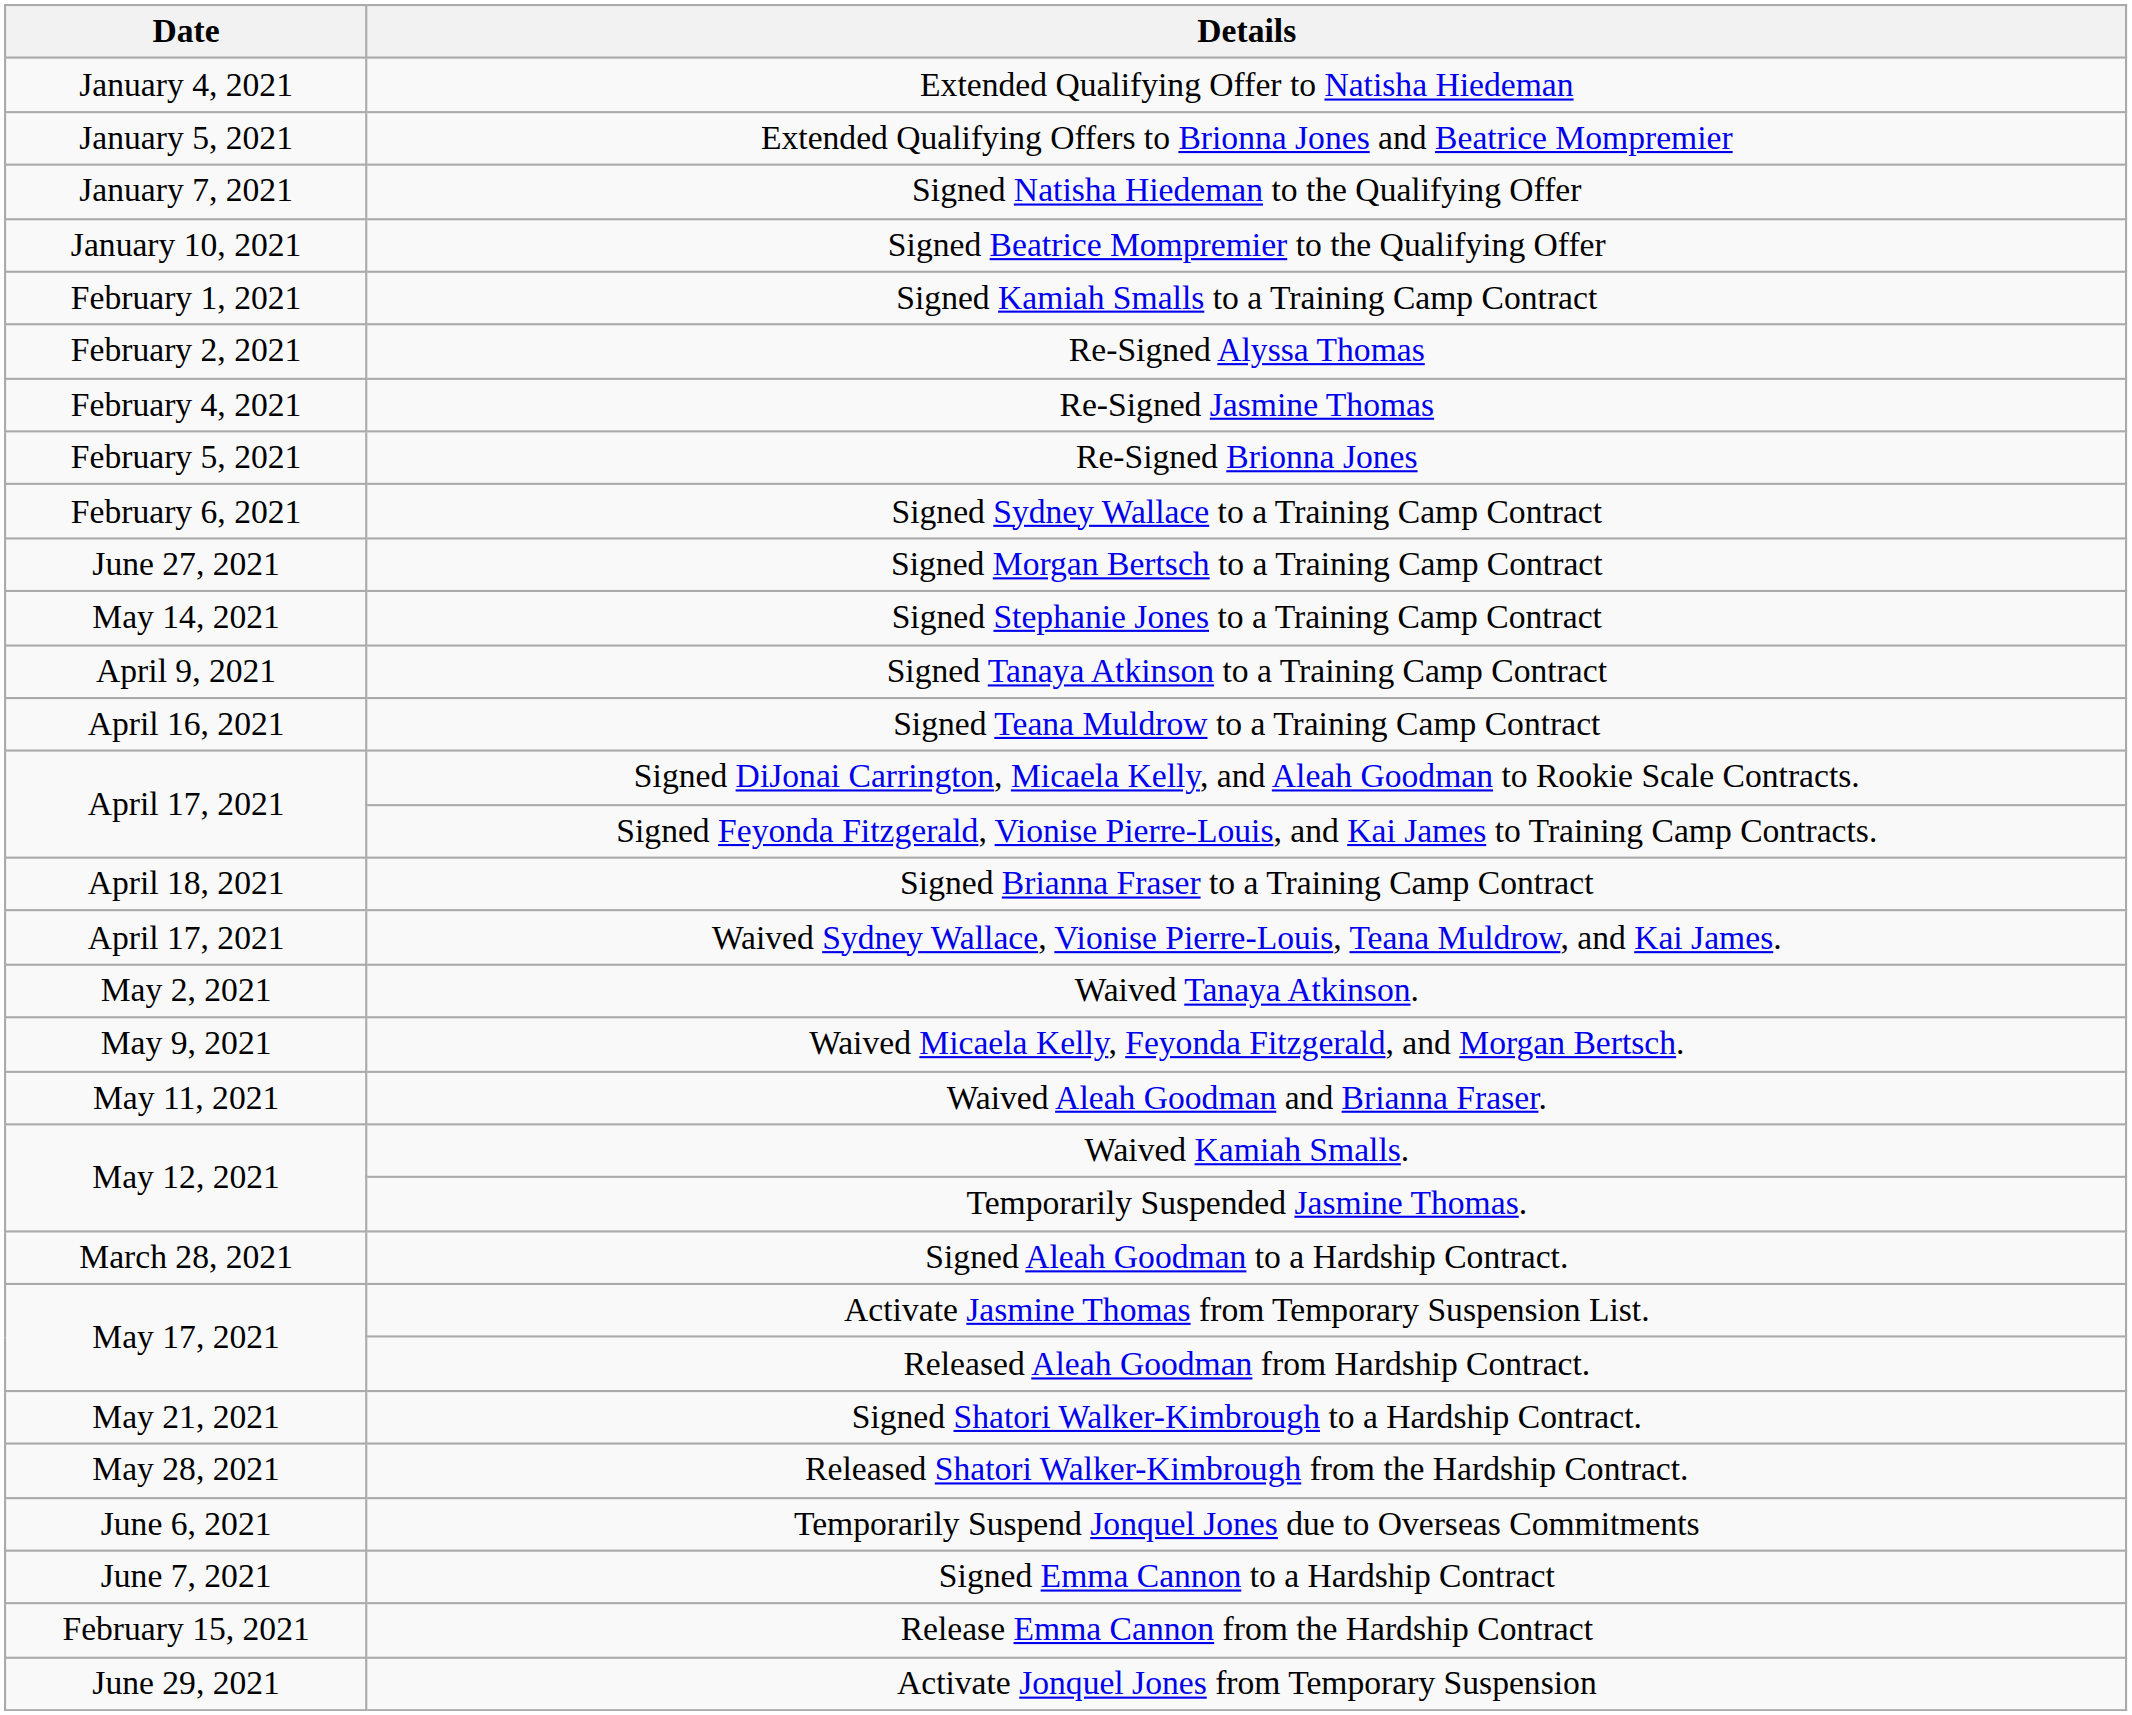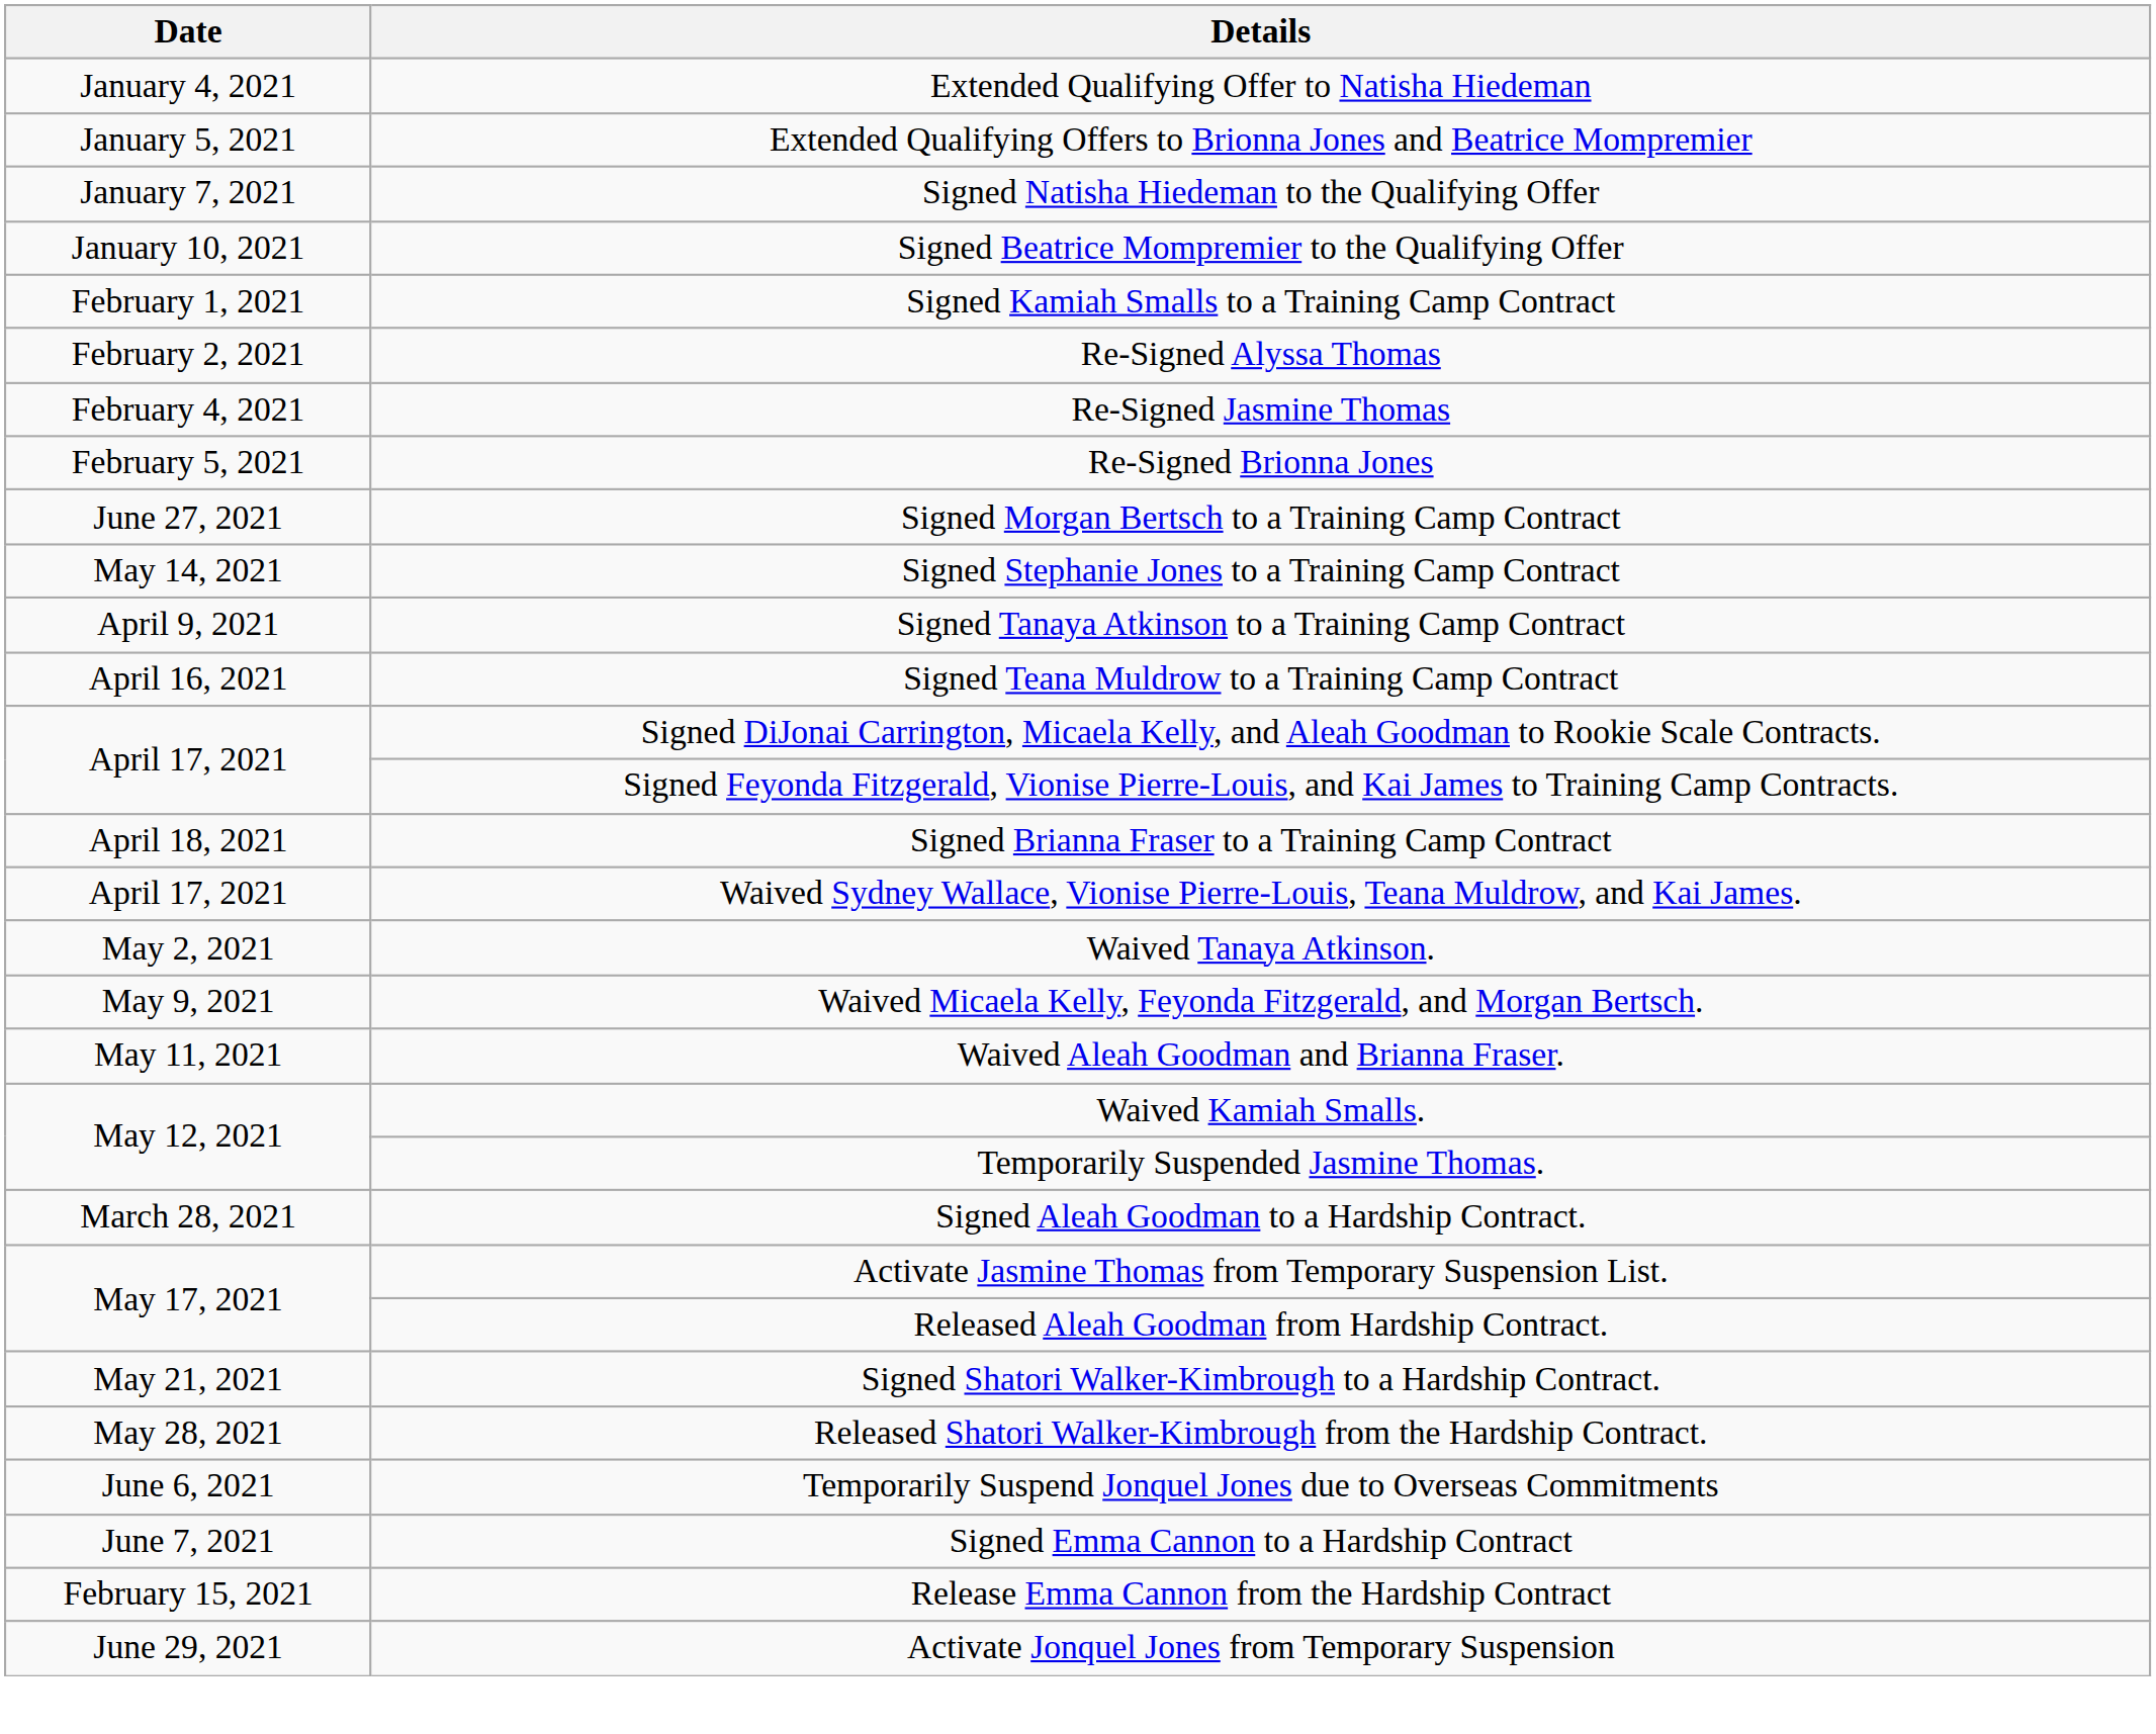 <table class="wikitable" style="width:80%; text-align:center;">
 <tr>
 <th>Date</th>
 <th>Details</th>
 </tr>
 <tr>
 <td>January 4, 2021</td>
 <td>Extended Qualifying Offer to <a href='#'>Natisha Hiedeman</a></td>
 </tr>
 <tr>
 <td>January 5, 2021</td>
 <td>Extended Qualifying Offers to <a href='#'>Brionna Jones</a> and <a href='#'>Beatrice Mompremier</a></td>
 </tr>
 <tr>
 <td>January 7, 2021</td>
 <td>Signed <a href='#'>Natisha Hiedeman</a> to the Qualifying Offer</td>
 </tr>
 <tr>
 <td>January 10, 2021</td>
 <td>Signed <a href='#'>Beatrice Mompremier</a> to the Qualifying Offer</td>
 </tr>
 <tr>
 <td>February 1, 2021</td>
 <td>Signed <a href='#'>Kamiah Smalls</a> to a Training Camp Contract</td>
 </tr>
 <tr>
 <td>February 2, 2021</td>
 <td>Re-Signed <a href='#'>Alyssa Thomas</a></td>
 </tr>
 <tr>
 <td>February 4, 2021</td>
 <td>Re-Signed <a href='#'>Jasmine Thomas</a></td>
 </tr>
 <tr>
 <td>February 5, 2021</td>
 <td>Re-Signed <a href='#'>Brionna Jones</a></td>
-</tr>
-<tr>
-<td>February 6, 2021</td>
-<td>Signed <a href='#'>Sydney Wallace</a> to a Training Camp Contract</td>
 </tr>
 <tr>
 <td>June 27, 2021</td>
 <td>Signed <a href='#'>Morgan Bertsch</a> to a Training Camp Contract</td>
 </tr>
 <tr>
 <td>May 14, 2021</td>
 <td>Signed <a href='#'>Stephanie Jones</a> to a Training Camp Contract</td>
 </tr>
 <tr>
 <td>April 9, 2021</td>
 <td>Signed <a href='#'>Tanaya Atkinson</a> to a Training Camp Contract</td>
 </tr>
 <tr>
 <td>April 16, 2021</td>
 <td>Signed <a href='#'>Teana Muldrow</a> to a Training Camp Contract</td>
 </tr>
 <tr>
 <td rowspan=2>April 17, 2021</td>
 <td>Signed <a href='#'>DiJonai Carrington</a>, <a href='#'>Micaela Kelly</a>, and <a href='#'>Aleah Goodman</a> to Rookie Scale Contracts.</td>
 </tr>
 <tr>
 <td>Signed <a href='#'>Feyonda Fitzgerald</a>, <a href='#'>Vionise Pierre-Louis</a>, and <a href='#'>Kai James</a> to Training Camp Contracts.</td>
 </tr>
 <tr>
 <td>April 18, 2021</td>
 <td>Signed <a href='#'>Brianna Fraser</a> to a Training Camp Contract</td>
 </tr>
 <tr>
 <td>April 17, 2021</td>
 <td>Waived <a href='#'>Sydney Wallace</a>, <a href='#'>Vionise Pierre-Louis</a>, <a href='#'>Teana Muldrow</a>, and <a href='#'>Kai James</a>.</td>
 </tr>
 <tr>
 <td>May 2, 2021</td>
 <td>Waived <a href='#'>Tanaya Atkinson</a>.</td>
 </tr>
 <tr>
 <td>May 9, 2021</td>
 <td>Waived <a href='#'>Micaela Kelly</a>, <a href='#'>Feyonda Fitzgerald</a>, and <a href='#'>Morgan Bertsch</a>.</td>
 </tr>
 <tr>
 <td>May 11, 2021</td>
 <td>Waived <a href='#'>Aleah Goodman</a> and <a href='#'>Brianna Fraser</a>.</td>
 </tr>
 <tr>
 <td rowspan=2>May 12, 2021</td>
 <td>Waived <a href='#'>Kamiah Smalls</a>.</td>
 </tr>
 <tr>
 <td>Temporarily Suspended <a href='#'>Jasmine Thomas</a>.</td>
 </tr>
 <tr>
 <td>March 28, 2021</td>
 <td>Signed <a href='#'>Aleah Goodman</a> to a Hardship Contract.</td>
 </tr>
 <tr>
 <td rowspan=2>May 17, 2021</td>
 <td>Activate <a href='#'>Jasmine Thomas</a> from Temporary Suspension List.</td>
 </tr>
 <tr>
 <td>Released <a href='#'>Aleah Goodman</a> from Hardship Contract.</td>
 </tr>
 <tr>
 <td>May 21, 2021</td>
 <td>Signed <a href='#'>Shatori Walker-Kimbrough</a> to a Hardship Contract.</td>
 </tr>
 <tr>
 <td>May 28, 2021</td>
 <td>Released <a href='#'>Shatori Walker-Kimbrough</a> from the Hardship Contract.</td>
 </tr>
 <tr>
 <td>June 6, 2021</td>
 <td>Temporarily Suspend <a href='#'>Jonquel Jones</a> due to Overseas Commitments</td>
 </tr>
 <tr>
 <td>June 7, 2021</td>
 <td>Signed <a href='#'>Emma Cannon</a> to a Hardship Contract</td>
 </tr>
 <tr>
 <td>February 15, 2021</td>
 <td>Release <a href='#'>Emma Cannon</a> from the Hardship Contract</td>
 </tr>
 <tr>
 <td>June 29, 2021</td>
 <td>Activate <a href='#'>Jonquel Jones</a> from Temporary Suspension</td>
 </tr>
 </table>
